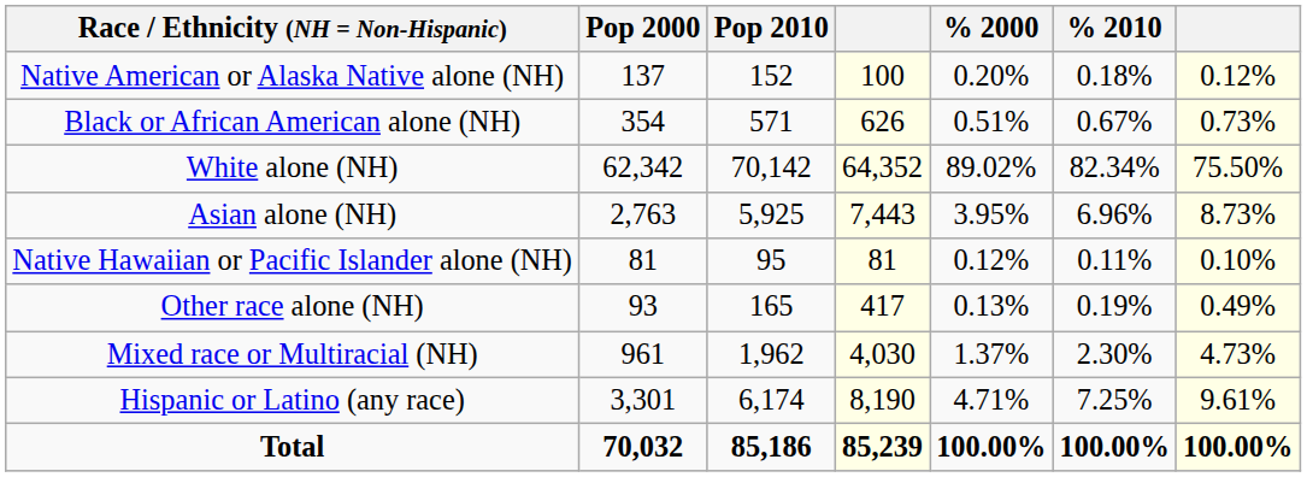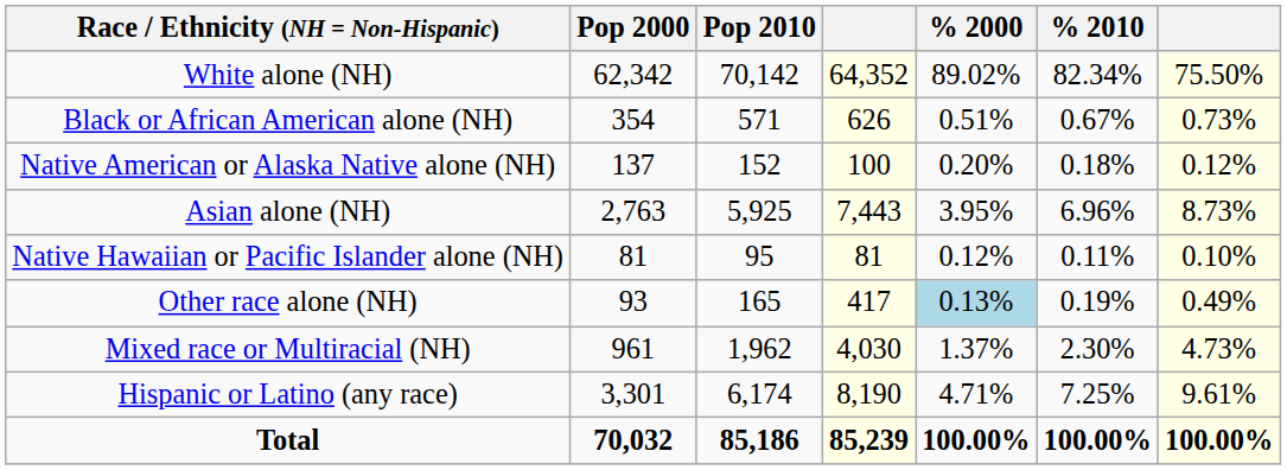 <table class="wikitable" style="text-align:center;">
 <tr>
 <th>Race / Ethnicity <small>(<em>NH = Non-Hispanic</em>)</small></th>
 <th>Pop 2000</th>
 <th>Pop 2010</th>
 <th></th>
 <th>% 2000</th>
 <th>% 2010</th>
 <th></th>
 </tr>
 <tr>
-<td><a href='#'>Native American</a> or <a href='#'>Alaska Native</a> alone (NH)</td>
-<td>137</td>
-<td>152</td>
-<td style='background: #ffffe6;'>100</td>
-<td>0.20%</td>
-<td>0.18%</td>
-<td style='background: #ffffe6;'>0.12%</td>
+<td><a href='#'>White</a> alone (NH)</td>
+<td>62,342</td>
+<td>70,142</td>
+<td style='background: #ffffe6;'>64,352</td>
+<td>89.02%</td>
+<td>82.34%</td>
+<td style='background: #ffffe6;'>75.50%</td>
 </tr>
 <tr>
 <td><a href='#'>Black or African American</a> alone (NH)</td>
 <td>354</td>
 <td>571</td>
 <td style='background: #ffffe6;'>626</td>
 <td>0.51%</td>
 <td>0.67%</td>
 <td style='background: #ffffe6;'>0.73%</td>
 </tr>
 <tr>
-<td><a href='#'>White</a> alone (NH)</td>
-<td>62,342</td>
-<td>70,142</td>
-<td style='background: #ffffe6;'>64,352</td>
-<td>89.02%</td>
-<td>82.34%</td>
-<td style='background: #ffffe6;'>75.50%</td>
+<td><a href='#'>Native American</a> or <a href='#'>Alaska Native</a> alone (NH)</td>
+<td>137</td>
+<td>152</td>
+<td style='background: #ffffe6;'>100</td>
+<td>0.20%</td>
+<td>0.18%</td>
+<td style='background: #ffffe6;'>0.12%</td>
 </tr>
 <tr>
 <td><a href='#'>Asian</a> alone (NH)</td>
 <td>2,763</td>
 <td>5,925</td>
 <td style='background: #ffffe6;'>7,443</td>
 <td>3.95%</td>
 <td>6.96%</td>
 <td style='background: #ffffe6;'>8.73%</td>
 </tr>
 <tr>
 <td><a href='#'>Native Hawaiian</a> or <a href='#'>Pacific Islander</a> alone (NH)</td>
 <td>81</td>
 <td>95</td>
 <td style='background: #ffffe6;'>81</td>
 <td>0.12%</td>
 <td>0.11%</td>
 <td style='background: #ffffe6;'>0.10%</td>
 </tr>
 <tr>
 <td><a href='#'>Other race</a> alone (NH)</td>
 <td>93</td>
 <td>165</td>
 <td style='background: #ffffe6;'>417</td>
-<td>0.13%</td>
+<td style="background: lightblue;">0.13%</td>
 <td>0.19%</td>
 <td style='background: #ffffe6;'>0.49%</td>
 </tr>
 <tr>
 <td><a href='#'>Mixed race or Multiracial</a> (NH)</td>
 <td>961</td>
 <td>1,962</td>
 <td style='background: #ffffe6;'>4,030</td>
 <td>1.37%</td>
 <td>2.30%</td>
 <td style='background: #ffffe6;'>4.73%</td>
 </tr>
 <tr>
 <td><a href='#'>Hispanic or Latino</a> (any race)</td>
 <td>3,301</td>
 <td>6,174</td>
 <td style='background: #ffffe6;'>8,190</td>
 <td>4.71%</td>
 <td>7.25%</td>
 <td style='background: #ffffe6;'>9.61%</td>
 </tr>
 <tr>
 <td><strong>Total</strong></td>
 <td><strong>70,032</strong></td>
 <td><strong>85,186</strong></td>
 <td style='background: #ffffe6;'><strong>85,239</strong></td>
 <td><strong>100.00%</strong></td>
 <td><strong>100.00%</strong></td>
 <td style='background: #ffffe6;'><strong>100.00%</strong></td>
 </tr>
 </table>
